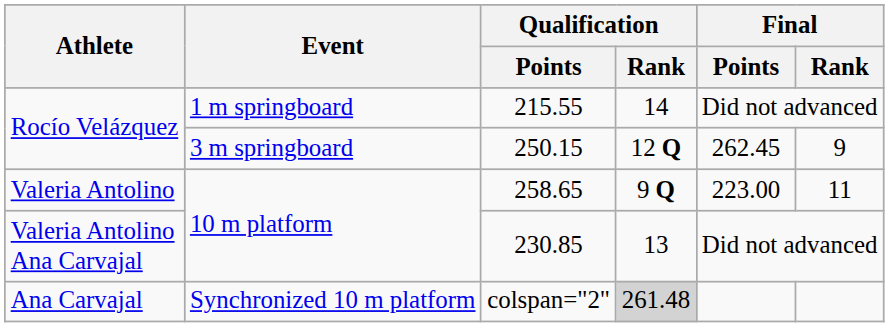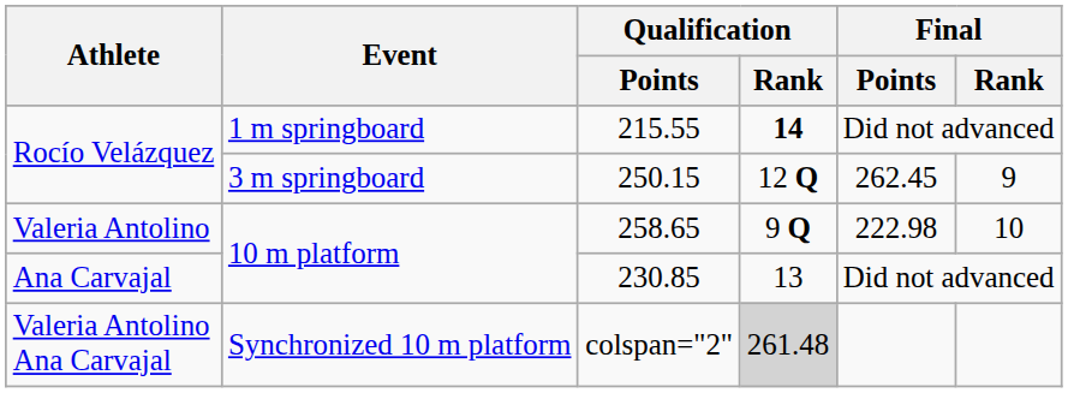 <table class="wikitable" style="text-align: center; font-size:90%">
 <tr>
 <th rowspan="2">Athlete</th>
 <th rowspan="2">Event</th>
 <th colspan="2">Qualification</th>
 <th colspan="2">Final</th>
 </tr>
 <tr>
 <th>Points</th>
 <th>Rank</th>
 <th>Points</th>
 <th>Rank</th>
 </tr>
 <tr>
 <td align="left" rowspan=2><a href='#'>Rocío Velázquez</a></td>
 <td align="left"><a href='#'>1 m springboard</a></td>
 <td>215.55</td>
-<td>14</td>
+<td><strong>14</strong></td>
 <td colspan=2>Did not advanced</td>
 </tr>
 <tr>
 <td align="left"><a href='#'>3 m springboard</a></td>
 <td>250.15</td>
 <td>12 <strong>Q</strong></td>
 <td>262.45</td>
 <td>9</td>
 </tr>
 <tr>
 <td align="left"><a href='#'>Valeria Antolino</a></td>
 <td align="left" rowspan=2><a href='#'>10 m platform</a></td>
 <td>258.65</td>
 <td>9 <strong>Q</strong></td>
-<td>223.00</td>
-<td>11</td>
+<td>222.98</td>
+<td>10</td>
 </tr>
 <tr>
-<td align="left"><a href='#'>Valeria Antolino</a><br><a href='#'>Ana Carvajal</a></td>
+<td align="left"><a href='#'>Ana Carvajal</a></td>
 <td>230.85</td>
 <td>13</td>
 <td colspan=2>Did not advanced</td>
 </tr>
 <tr>
-<td align="left"><a href='#'>Ana Carvajal</a></td>
+<td align="left"><a href='#'>Valeria Antolino</a><br><a href='#'>Ana Carvajal</a></td>
 <td align="left"><a href='#'>Synchronized 10 m platform</a></td>
 <td>colspan="2" </td>
 <td style="background: lightgrey;">261.48</td>
 <td></td>
 </tr>
 </table>
